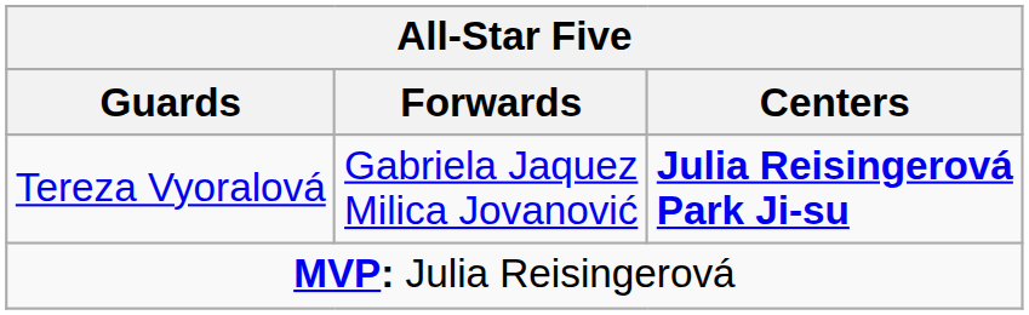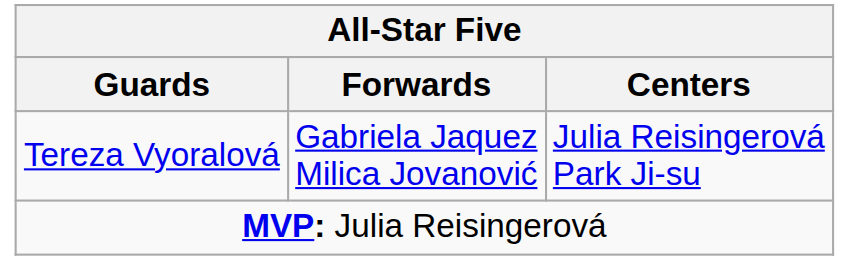 <table class=wikitable style="margin:auto">
 <tr>
 <th colspan=3 align=center>All-Star Five</th>
 </tr>
 <tr>
 <th>Guards</th>
 <th>Forwards</th>
 <th>Centers</th>
 </tr>
 <tr>
 <td> <a href='#'>Tereza Vyoralová</a></td>
 <td> <a href='#'>Gabriela Jaquez</a><br> <a href='#'>Milica Jovanović</a></td>
-<td><strong> <a href='#'>Julia Reisingerová</a><br> <a href='#'>Park Ji-su</a></strong></td>
+<td> <a href='#'>Julia Reisingerová</a><br> <a href='#'>Park Ji-su</a></td>
 </tr>
 <tr>
 <td colspan=3 align=center><strong><a href='#'>MVP</a>:</strong>  Julia Reisingerová</td>
 </tr>
 </table>
